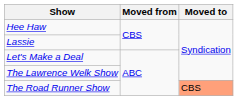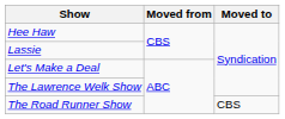 <table class="wikitable sortable">
 <tr>
 <th>Show</th>
 <th>Moved from</th>
 <th>Moved to</th>
 </tr>
 <tr>
 <td><em><a href='#'>Hee Haw</a></em></td>
 <td rowspan="2"><a href='#'>CBS</a></td>
 <td rowspan="4"><a href='#'>Syndication</a></td>
 </tr>
 <tr>
 <td><em><a href='#'>Lassie</a></em></td>
 </tr>
 <tr>
 <td><em><a href='#'>Let's Make a Deal</a></em></td>
 <td rowspan="3"><a href='#'>ABC</a></td>
 </tr>
 <tr>
 <td><em><a href='#'>The Lawrence Welk Show</a></em></td>
 </tr>
 <tr>
 <td><em><a href='#'>The Road Runner Show</a></em></td>
-<td style="background: lightsalmon;">CBS</td>
+<td>CBS</td>
 </tr>
 </table>
